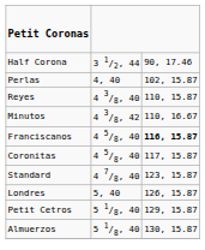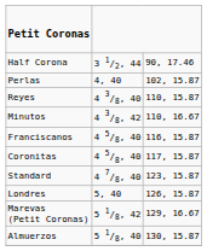 <table class="wikitable" style="font-size: 85%; margin:1em auto;">
 <tr>
 <td><br><h3>Petit Coronas</h3></td>
 </tr>
 <tr>
 <td>Half Corona</td>
 <td>3 <sup>1</sup>/<sub>2</sub>, 44</td>
 <td>90, 17.46</td>
 </tr>
 <tr>
 <td>Perlas</td>
 <td>4, 40</td>
 <td>102, 15.87</td>
 </tr>
 <tr>
 <td>Reyes</td>
 <td>4 <sup>3</sup>/<sub>8</sub>, 40</td>
 <td>110, 15.87</td>
 </tr>
 <tr>
 <td>Minutos</td>
 <td>4 <sup>3</sup>/<sub>8</sub>, 42</td>
 <td>110, 16.67</td>
 </tr>
 <tr>
 <td>Franciscanos</td>
 <td>4 <sup>5</sup>/<sub>8</sub>, 40</td>
-<td><strong>116, 15.87</strong></td>
+<td>116, 15.87</td>
 </tr>
 <tr>
 <td>Coronitas</td>
 <td>4 <sup>5</sup>/<sub>8</sub>, 40</td>
 <td>117, 15.87</td>
 </tr>
 <tr>
 <td>Standard</td>
 <td>4 <sup>7</sup>/<sub>8</sub>, 40</td>
 <td>123, 15.87</td>
 </tr>
 <tr>
 <td>Londres</td>
 <td>5, 40</td>
 <td>126, 15.87</td>
 </tr>
 <tr>
-<td>Petit Cetros</td>
-<td>5 <sup>1</sup>/<sub>8</sub>, 40</td>
-<td>129, 15.87</td>
+<td>Marevas<br>(Petit Coronas)</td>
+<td>5 <sup>1</sup>/<sub>8</sub>, 42</td>
+<td>129, 16.67</td>
 </tr>
 <tr>
 <td>Almuerzos</td>
 <td>5 <sup>1</sup>/<sub>8</sub>, 40</td>
 <td>130, 15.87</td>
 </tr>
 <tr>
 </tr>
 </table>
